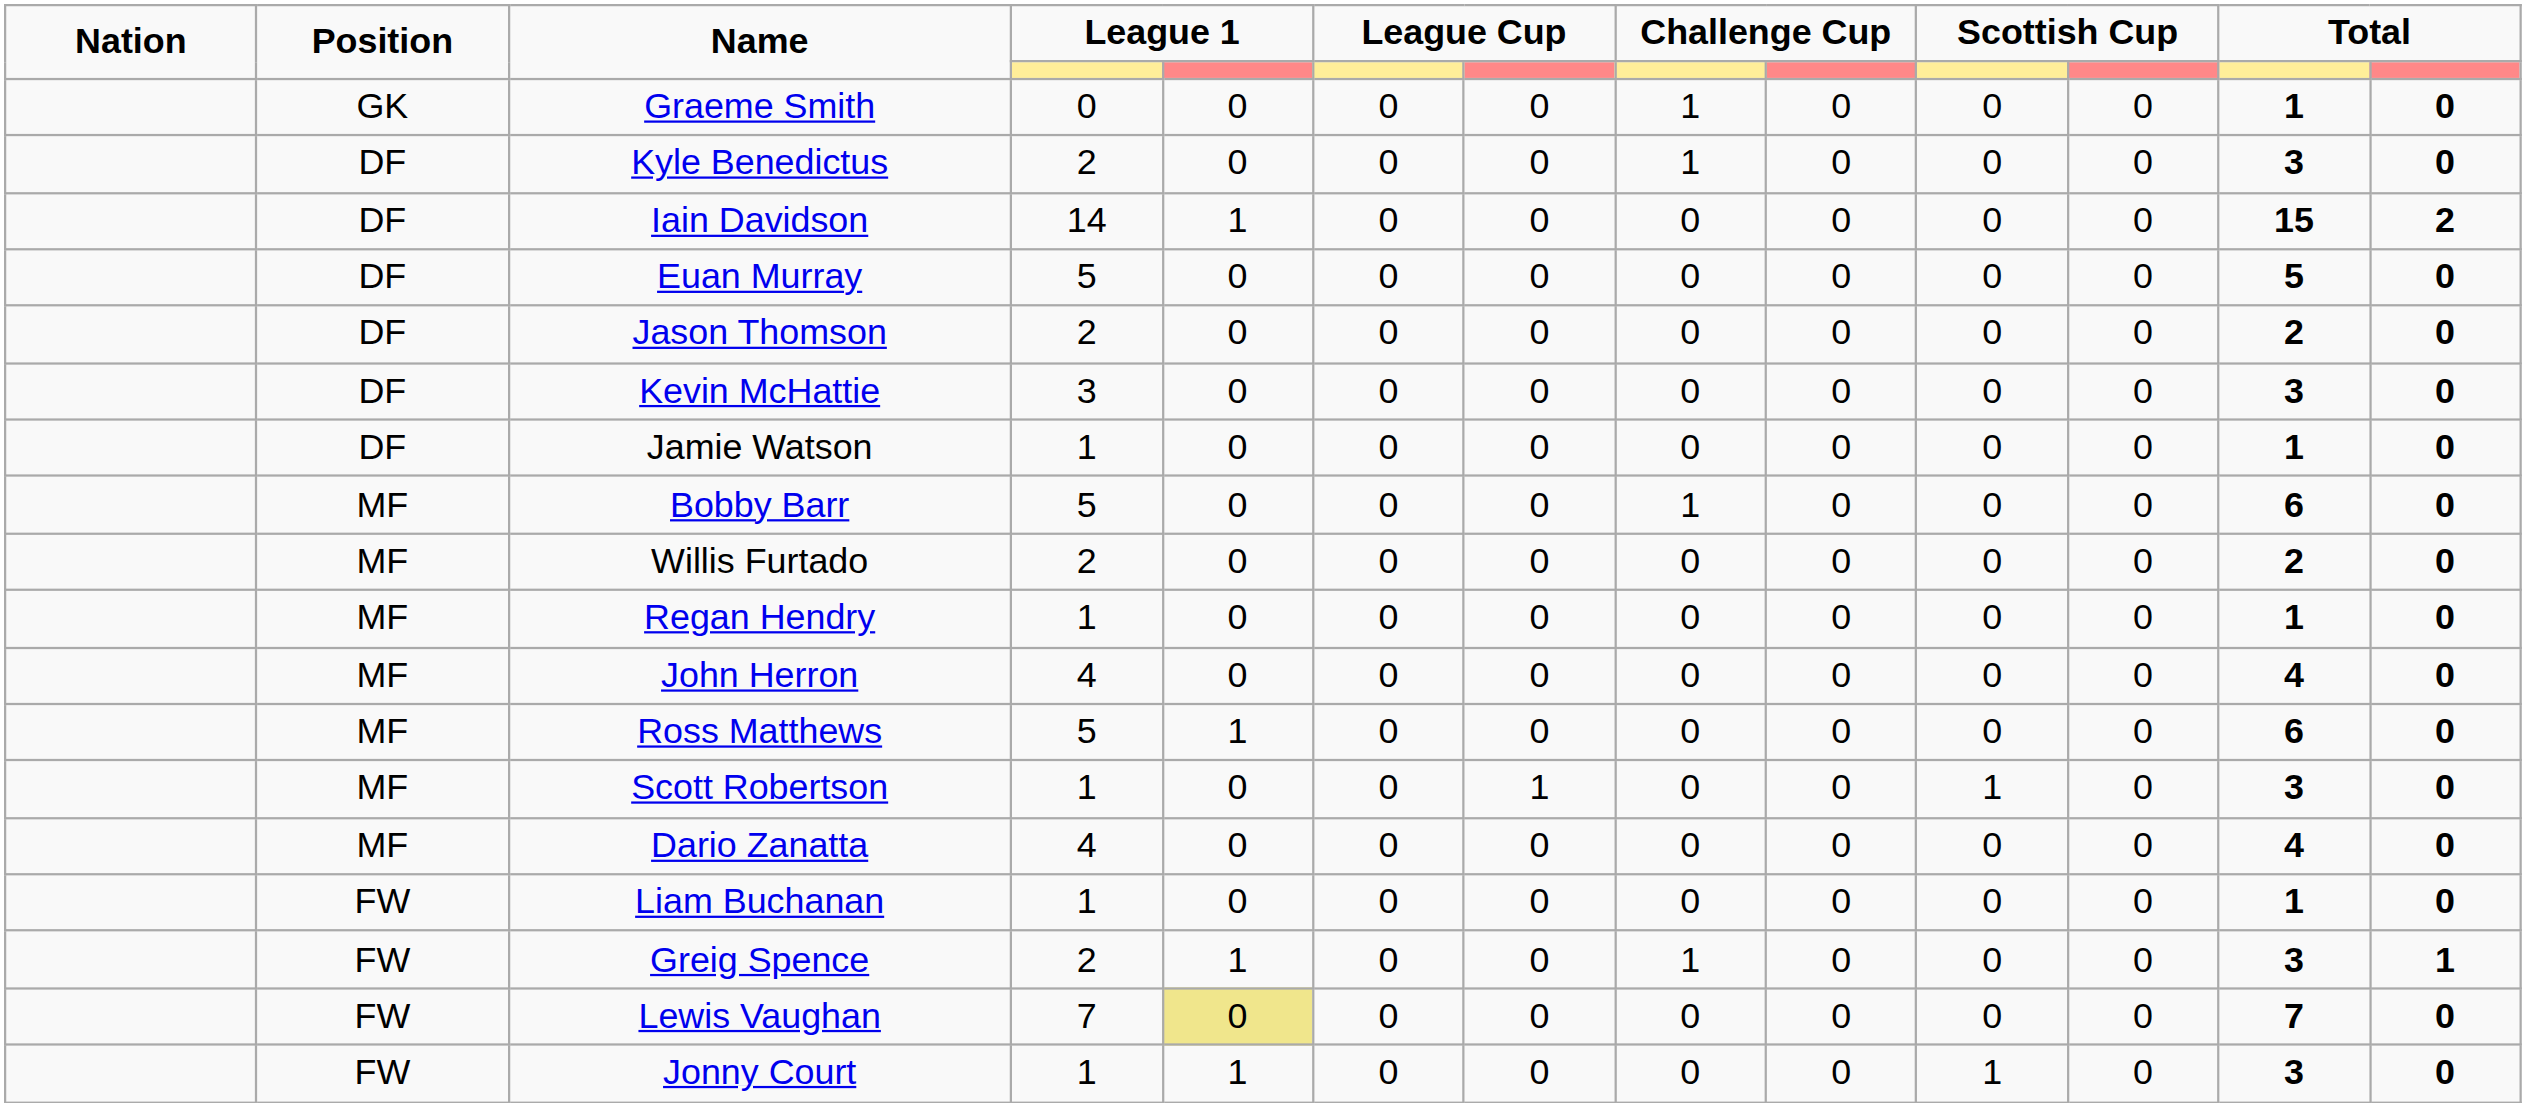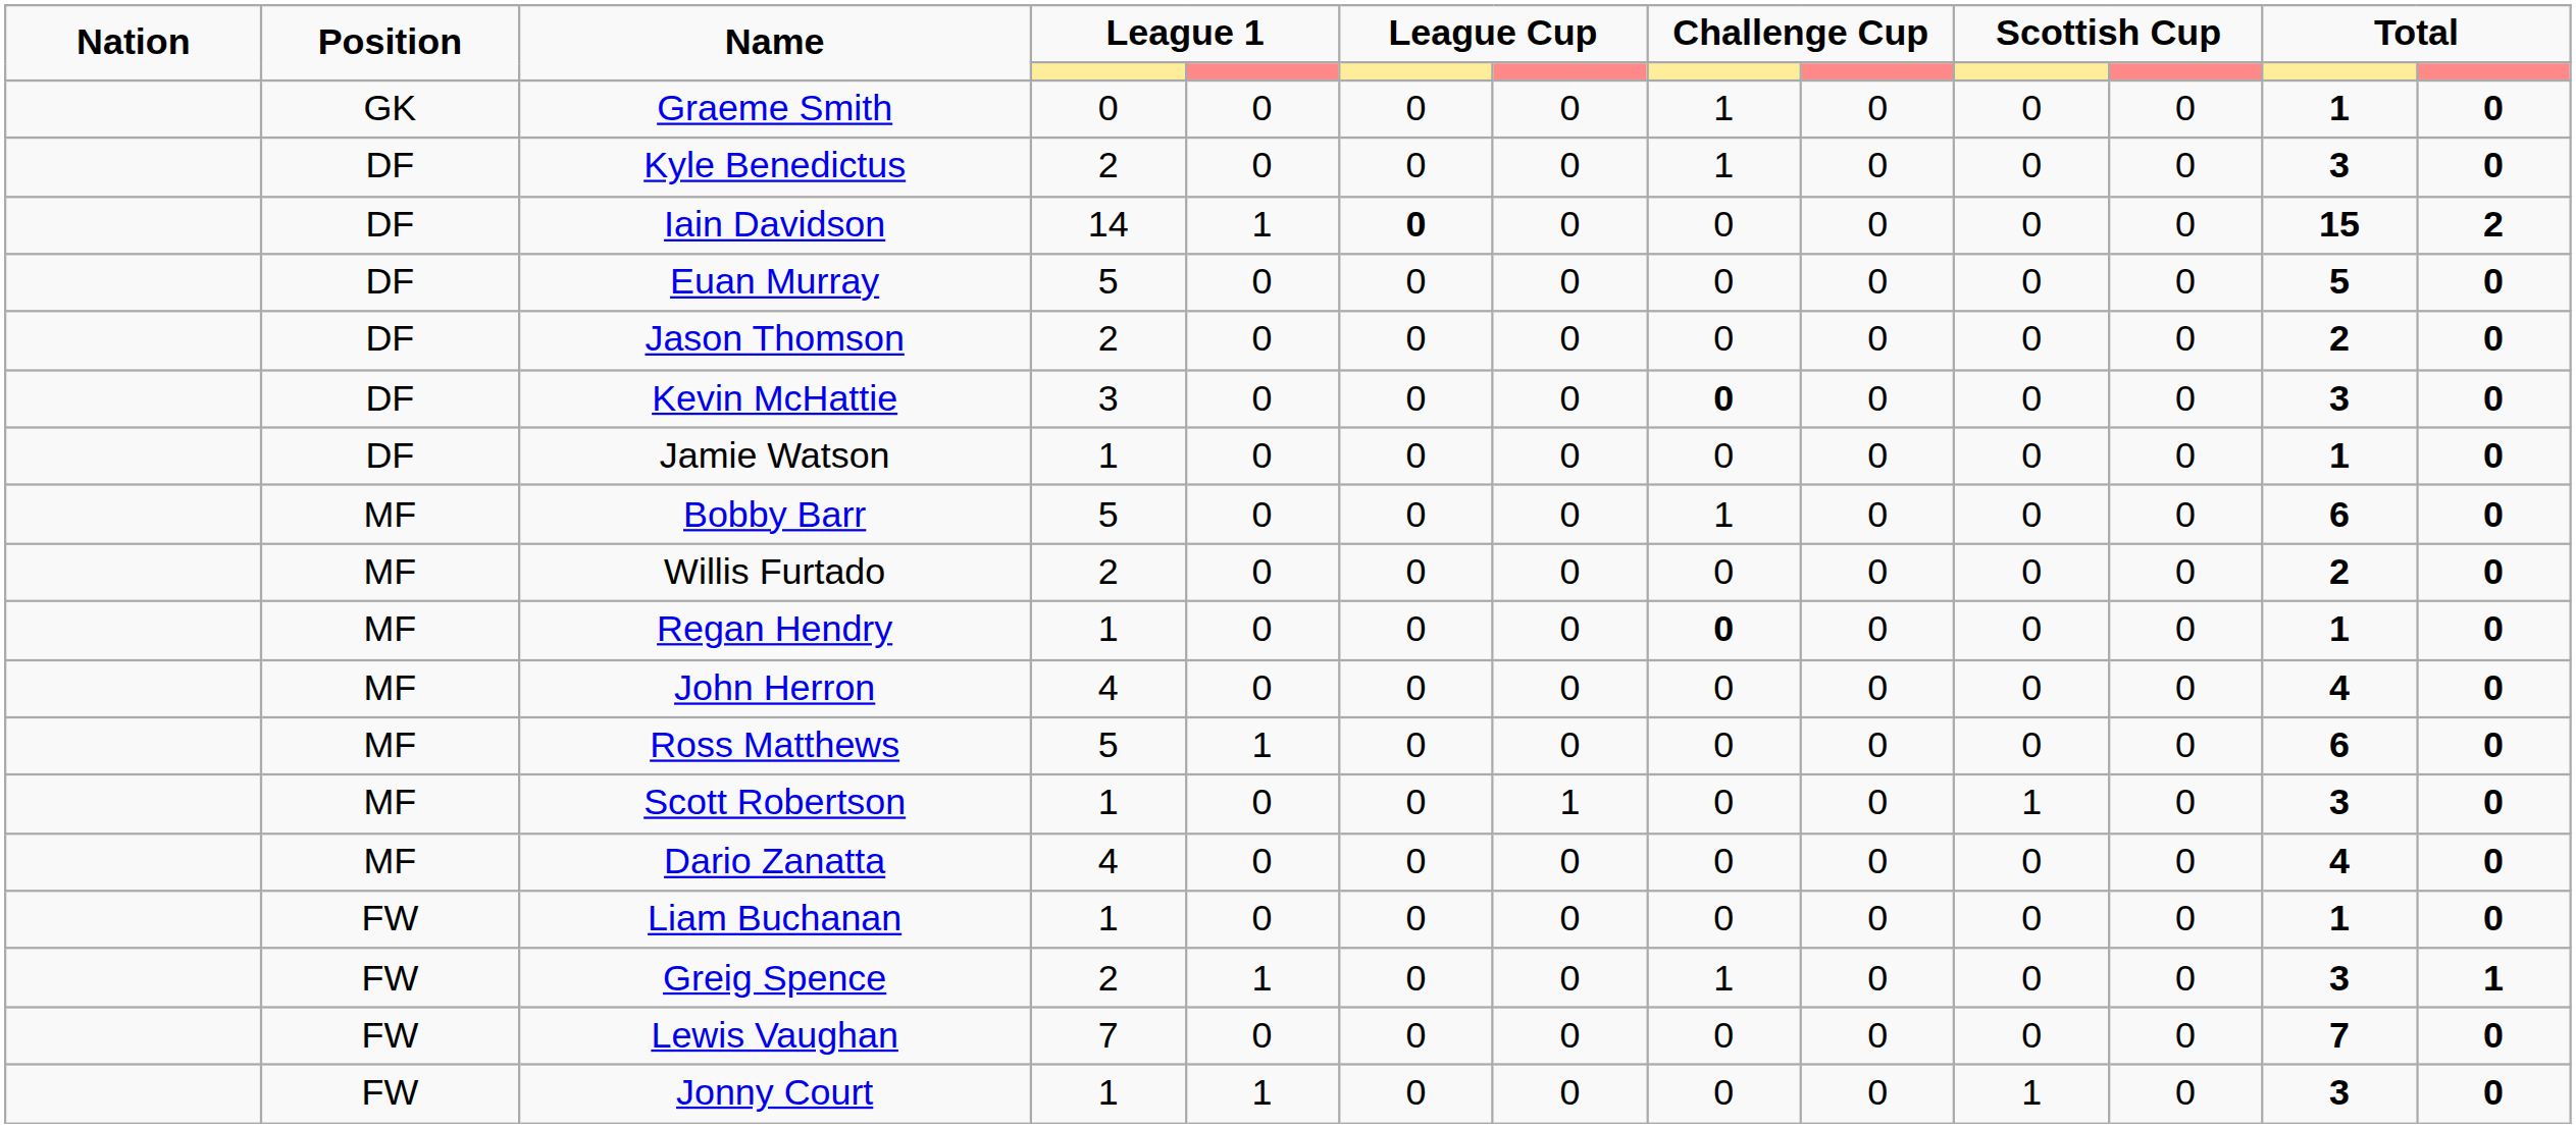 <table class="wikitable" style="font-size: 100%; text-align: center;">
 <tr>
 <td rowspan="2" width="10%" align="center"><strong>Nation</strong></td>
 <td rowspan="2" width="10%" align="center"><strong>Position</strong></td>
 <td rowspan="2" width="20%" align="center"><strong>Name</strong></td>
 <td colspan="2" align="center"><strong>League 1</strong></td>
 <td colspan="2" align="center"><strong>League Cup</strong></td>
 <td colspan="2" align="center"><strong>Challenge Cup</strong></td>
 <td colspan="2" align="center"><strong>Scottish Cup</strong></td>
 <td colspan="2" align="center"><strong>Total </strong></td>
 </tr>
 <tr>
 <th width=60 style="background: #FFEE99"></th>
 <th width=60 style="background: #FF8888"></th>
 <th width=60 style="background: #FFEE99"></th>
 <th width=60 style="background: #FF8888"></th>
 <th width=60 style="background: #FFEE99"></th>
 <th width=60 style="background: #FF8888"></th>
 <th width=60 style="background: #FFEE99"></th>
 <th width=60 style="background: #FF8888"></th>
 <th width=60 style="background: #FFEE99"></th>
 <th width=60 style="background: #FF8888"></th>
 </tr>
 <tr>
 <td></td>
 <td>GK</td>
 <td><a href='#'>Graeme Smith</a></td>
 <td>0</td>
 <td 0>0</td>
 <td>0</td>
 <td>0</td>
 <td>1</td>
 <td>0</td>
 <td>0</td>
 <td>0</td>
 <td><strong>1</strong></td>
 <td><strong>0</strong></td>
 </tr>
 <tr>
 <td></td>
 <td>DF</td>
 <td><a href='#'>Kyle Benedictus</a></td>
 <td>2</td>
 <td 0>0</td>
 <td>0</td>
 <td>0</td>
 <td>1</td>
 <td>0</td>
 <td>0</td>
 <td>0</td>
 <td><strong>3</strong></td>
 <td><strong>0</strong></td>
 </tr>
 <tr>
 <td></td>
 <td>DF</td>
 <td><a href='#'>Iain Davidson</a></td>
 <td>14</td>
 <td 2>1</td>
-<td>0</td>
+<td><strong>0</strong></td>
 <td>0</td>
 <td>0</td>
 <td>0</td>
 <td>0</td>
 <td>0</td>
 <td><strong>15</strong></td>
 <td><strong>2</strong></td>
 </tr>
 <tr>
 <td></td>
 <td>DF</td>
 <td><a href='#'>Euan Murray</a></td>
 <td>5</td>
 <td 0>0</td>
 <td>0</td>
 <td>0</td>
 <td>0</td>
 <td>0</td>
 <td>0</td>
 <td>0</td>
 <td><strong>5</strong></td>
 <td><strong>0</strong></td>
 </tr>
 <tr>
 <td></td>
 <td>DF</td>
 <td><a href='#'>Jason Thomson</a></td>
 <td>2</td>
 <td 0>0</td>
 <td>0</td>
 <td>0</td>
 <td>0</td>
 <td>0</td>
 <td>0</td>
 <td>0</td>
 <td><strong>2</strong></td>
 <td><strong>0</strong></td>
 </tr>
 <tr>
 <td></td>
 <td>DF</td>
 <td><a href='#'>Kevin McHattie</a></td>
 <td>3</td>
 <td 0>0</td>
 <td>0</td>
 <td>0</td>
-<td>0</td>
+<td><strong>0</strong></td>
 <td>0</td>
 <td>0</td>
 <td>0</td>
 <td><strong>3</strong></td>
 <td><strong>0</strong></td>
 </tr>
 <tr>
 <td></td>
 <td>DF</td>
 <td>Jamie Watson</td>
 <td>1</td>
 <td 0>0</td>
 <td>0</td>
 <td>0</td>
 <td>0</td>
 <td>0</td>
 <td>0</td>
 <td>0</td>
 <td><strong>1</strong></td>
 <td><strong>0</strong></td>
 </tr>
 <tr>
 <td></td>
 <td>MF</td>
 <td><a href='#'>Bobby Barr</a></td>
 <td>5</td>
 <td 0>0</td>
 <td>0</td>
 <td>0</td>
 <td>1</td>
 <td>0</td>
 <td>0</td>
 <td>0</td>
 <td><strong>6</strong></td>
 <td><strong>0</strong></td>
 </tr>
 <tr>
 <td></td>
 <td>MF</td>
 <td>Willis Furtado</td>
 <td>2</td>
 <td 0>0</td>
 <td>0</td>
 <td>0</td>
 <td>0</td>
 <td>0</td>
 <td>0</td>
 <td>0</td>
 <td><strong>2</strong></td>
 <td><strong>0</strong></td>
 </tr>
 <tr>
 <td></td>
 <td>MF</td>
 <td><a href='#'>Regan Hendry</a></td>
 <td>1</td>
 <td 0>0</td>
 <td>0</td>
 <td>0</td>
-<td>0</td>
+<td><strong>0</strong></td>
 <td>0</td>
 <td>0</td>
 <td>0</td>
 <td><strong>1</strong></td>
 <td><strong>0</strong></td>
 </tr>
 <tr>
 <td></td>
 <td>MF</td>
 <td><a href='#'>John Herron</a></td>
 <td>4</td>
 <td 0>0</td>
 <td>0</td>
 <td>0</td>
 <td>0</td>
 <td>0</td>
 <td>0</td>
 <td>0</td>
 <td><strong>4</strong></td>
 <td><strong>0</strong></td>
 </tr>
 <tr>
 <td></td>
 <td>MF</td>
 <td><a href='#'>Ross Matthews</a></td>
 <td>5</td>
 <td 0>1</td>
 <td>0</td>
 <td>0</td>
 <td>0</td>
 <td>0</td>
 <td>0</td>
 <td>0</td>
 <td><strong>6</strong></td>
 <td><strong>0</strong></td>
 </tr>
 <tr>
 <td></td>
 <td>MF</td>
 <td><a href='#'>Scott Robertson</a></td>
 <td>1</td>
 <td 0>0</td>
 <td>0</td>
 <td>1</td>
 <td>0</td>
 <td>0</td>
 <td>1</td>
 <td>0</td>
 <td><strong>3</strong></td>
 <td><strong>0</strong></td>
 </tr>
 <tr>
 <td></td>
 <td>MF</td>
 <td><a href='#'>Dario Zanatta</a></td>
 <td>4</td>
 <td 0>0</td>
 <td>0</td>
 <td>0</td>
 <td>0</td>
 <td>0</td>
 <td>0</td>
 <td>0</td>
 <td><strong>4</strong></td>
 <td><strong>0</strong></td>
 </tr>
 <tr>
 <td></td>
 <td>FW</td>
 <td><a href='#'>Liam Buchanan</a></td>
 <td>1</td>
 <td 0>0</td>
 <td>0</td>
 <td>0</td>
 <td>0</td>
 <td>0</td>
 <td>0</td>
 <td>0</td>
 <td><strong>1</strong></td>
 <td><strong>0</strong></td>
 </tr>
 <tr>
 <td></td>
 <td>FW</td>
 <td><a href='#'>Greig Spence</a></td>
 <td>2</td>
 <td 0>1</td>
 <td>0</td>
 <td>0</td>
 <td>1</td>
 <td>0</td>
 <td>0</td>
 <td>0</td>
 <td><strong>3</strong></td>
 <td><strong>1</strong></td>
 </tr>
 <tr>
 <td></td>
 <td>FW</td>
 <td><a href='#'>Lewis Vaughan</a></td>
 <td>7</td>
-<td 0 style="background: khaki;">0</td>
+<td 0>0</td>
 <td>0</td>
 <td>0</td>
 <td>0</td>
 <td>0</td>
 <td>0</td>
 <td>0</td>
 <td><strong>7</strong></td>
 <td><strong>0</strong></td>
 </tr>
 <tr>
 <td></td>
 <td>FW</td>
 <td><a href='#'>Jonny Court</a></td>
 <td>1</td>
 <td 0>1</td>
 <td>0</td>
 <td>0</td>
 <td>0</td>
 <td>0</td>
 <td>1</td>
 <td>0</td>
 <td><strong>3</strong></td>
 <td><strong>0</strong></td>
 </tr>
 </table>
